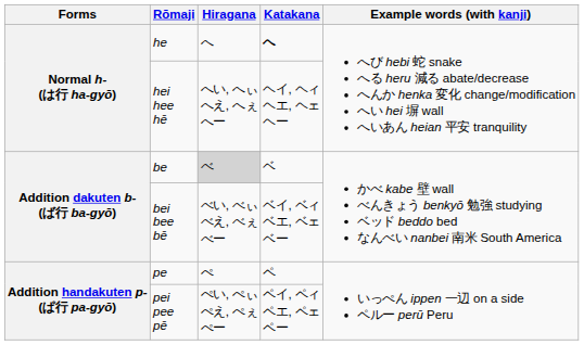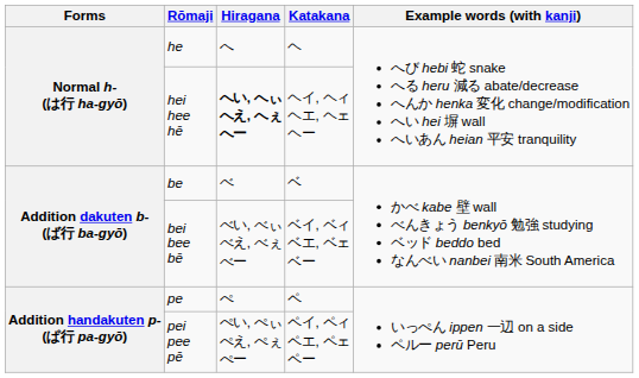 <table class="wikitable">
 <tr>
 <th>Forms</th>
 <th><a href='#'>Rōmaji</a></th>
 <th><a href='#'>Hiragana</a></th>
 <th><a href='#'>Katakana</a></th>
 <th>Example words (with <a href='#'>kanji</a>)</th>
 </tr>
 <tr>
 <th rowspan="2">Normal <em>h-</em><br>(は行 <em>ha-gyō</em>)</th>
 <td><em>he</em></td>
 <td>へ</td>
-<td><strong>ヘ</strong></td>
+<td>ヘ</td>
 <td rowspan="2"><br><ul><li>へび <em>hebi</em> 蛇 snake</li><li>へる <em>heru</em> 減る abate/decrease</li><li>へんか <em>henka</em> 変化 change/modification</li><li>へい <em>hei</em> 塀 wall</li><li>へいあん <em>heian</em> 平安 tranquility</li></ul></td>
 </tr>
 <tr>
 <td><em>hei</em><br><em>hee</em><br><em>hē</em></td>
-<td>へい, へぃ<br>へえ, へぇ<br>へー</td>
+<td><strong>へい, へぃ<br>へえ, へぇ<br>へー</strong></td>
 <td>ヘイ, ヘィ<br>ヘエ, ヘェ<br>ヘー</td>
 </tr>
 <tr>
 <th rowspan="2">Addition <a href='#'>dakuten</a> <em>b-</em><br>(ば行 <em>ba-gyō</em>)</th>
 <td><em>be</em></td>
-<td style="background: lightgrey;">べ</td>
+<td>べ</td>
 <td>ベ</td>
 <td rowspan="2"><br><ul><li>かべ <em>kabe</em> 壁 wall</li><li>べんきょう <em>benkyō</em> 勉強 studying</li><li>ベッド <em>beddo</em> bed</li><li>なんべい <em>nanbei</em> 南米 South America</li></ul></td>
 </tr>
 <tr>
 <td><em>bei</em><br><em>bee</em><br><em>bē</em></td>
 <td>べい, べぃ<br>べえ, べぇ<br>べー</td>
 <td>ベイ, ベィ<br>ベエ, ベェ<br>ベー</td>
 </tr>
 <tr>
 <th rowspan="2">Addition <a href='#'>handakuten</a> <em>p-</em><br>(ぱ行 <em>pa-gyō</em>)</th>
 <td><em>pe</em></td>
 <td>ぺ</td>
 <td>ペ</td>
 <td rowspan="2"><br><ul><li>いっぺん <em>ippen</em> 一辺 on a side</li><li>ペルー <em>perū</em> Peru</li></ul></td>
 </tr>
 <tr>
 <td><em>pei</em><br><em>pee</em><br><em>pē</em></td>
 <td>ぺい, ぺぃ<br>ぺえ, ぺぇ<br>ぺー</td>
 <td>ペイ, ペィ<br>ペエ, ペェ<br>ペー</td>
 </tr>
 </table>
